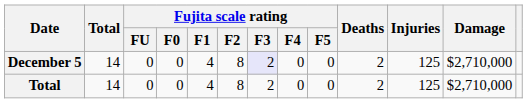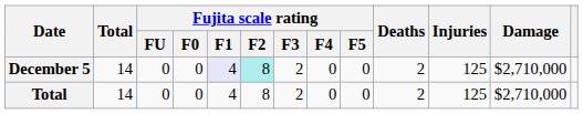 <table class="wikitable sortable" style="margin: 1em auto 1em auto;float:left">
 <tr>
 <th scope="col" rowspan="2">Date</th>
 <th scope="col" rowspan="2" align="center">Total</th>
 <th scope="col" colspan="7" align="center"><a href='#'>Fujita scale</a> rating</th>
 <th scope="col" rowspan="2" align="center">Deaths</th>
 <th scope="col" rowspan="2" align="center">Injuries</th>
 <th scope="col" rowspan="2" align="center">Damage</th>
 <th scope="col" rowspan="2" align="center" class="unsortable"></th>
 </tr>
 <tr>
 <th scope="col" align="center"> FU </th>
 <th scope="col" align="center"> F0 </th>
 <th scope="col" align="center"> F1 </th>
 <th scope="col" align="center"> F2 </th>
 <th scope="col" align="center"> F3 </th>
 <th scope="col" align="center"> F4 </th>
 <th scope="col" align="center"> F5 </th>
 </tr>
 <tr>
 <th scope="row">December 5</th>
 <td align="right">14</td>
 <td align="right">0</td>
 <td align="right">0</td>
-<td align="right">4</td>
-<td align="right">8</td>
-<td align="right" style="background: lavender;">2</td>
+<td align="right" style="background: lavender;">4</td>
+<td align="right" style="background: paleturquoise;">8</td>
+<td align="right">2</td>
 <td align="right">0</td>
 <td align="right">0</td>
 <td align="right">2</td>
 <td align="right">125</td>
 <td align="right”">$2,710,000</td>
 <td></td>
 </tr>
 <tr class="sortbottom">
 <th scope="row">Total</th>
 <td align="right">14</td>
 <td align="right">0</td>
 <td align="right">0</td>
 <td align="right">4</td>
 <td align="right">8</td>
 <td align="right">2</td>
 <td align="right">0</td>
 <td align="right">0</td>
 <td align="right">2</td>
 <td align="right">125</td>
 <td align="right">$2,710,000</td>
 <td></td>
 </tr>
 </table>
